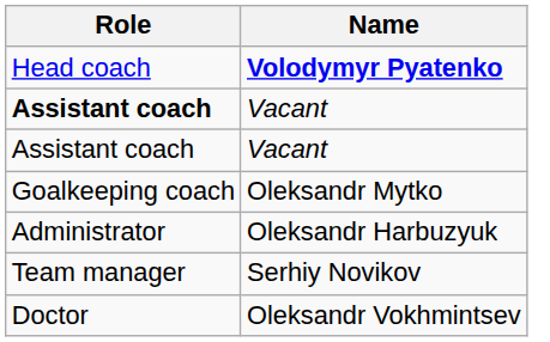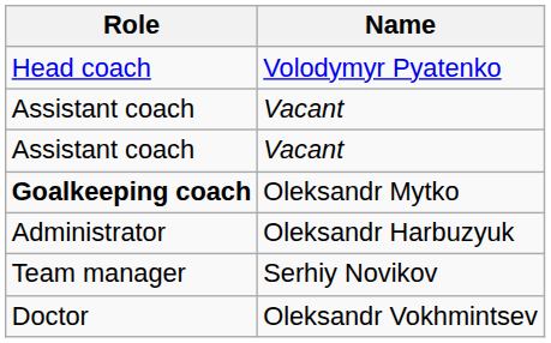 <table class="wikitable">
 <tr>
 <th>Role</th>
 <th>Name</th>
 </tr>
 <tr>
 <td><a href='#'>Head coach</a></td>
-<td><strong><a href='#'>Volodymyr Pyatenko</a></strong></td>
+<td><a href='#'>Volodymyr Pyatenko</a></td>
 </tr>
 <tr>
-<td><strong>Assistant coach</strong></td>
+<td>Assistant coach</td>
 <td><em>Vacant</em></td>
 </tr>
 <tr>
 <td>Assistant coach</td>
 <td><em>Vacant</em></td>
 </tr>
 <tr>
-<td>Goalkeeping coach</td>
+<td><strong>Goalkeeping coach</strong></td>
 <td>Oleksandr Mytko</td>
 </tr>
 <tr>
 <td>Administrator</td>
 <td>Oleksandr Harbuzyuk</td>
 </tr>
 <tr>
 <td>Team manager</td>
 <td>Serhiy Novikov</td>
 </tr>
 <tr>
 <td>Doctor</td>
 <td>Oleksandr Vokhmintsev</td>
 </tr>
 </table>
